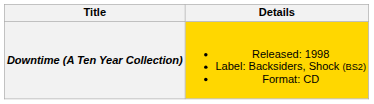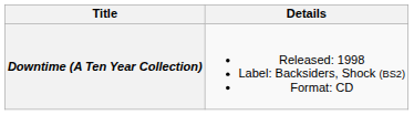 <table class="wikitable plainrowheaders" style="text-align:center;" border="1">
 <tr>
 <th>Title</th>
 <th>Details</th>
 </tr>
 <tr>
 <th scope="row"><em>Downtime (A Ten Year Collection)</em></th>
-<td style="background: gold;"><br><ul><li>Released: 1998</li><li>Label: Backsiders, Shock <small>(BS2)</small></li><li>Format: CD</li></ul></td>
+<td><br><ul><li>Released: 1998</li><li>Label: Backsiders, Shock <small>(BS2)</small></li><li>Format: CD</li></ul></td>
 </tr>
 </table>
